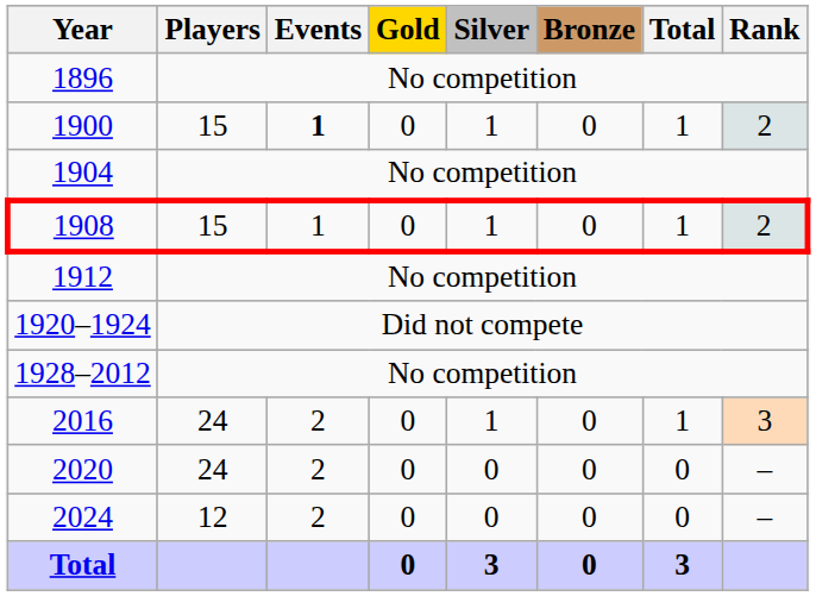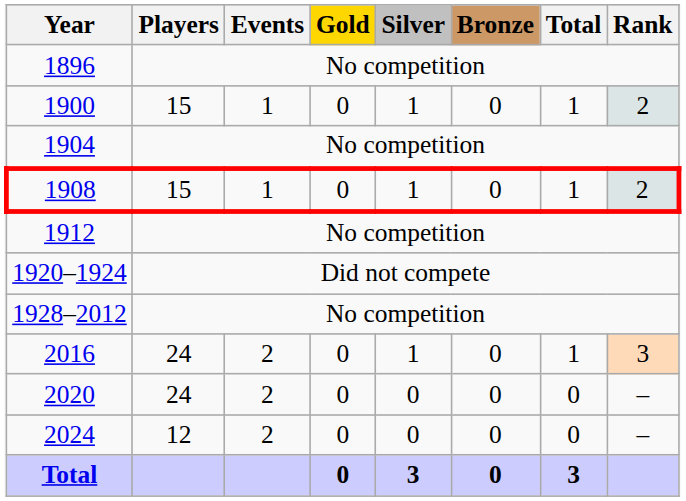 <table class="wikitable sortable collapsible collapsed">
 <tr>
 <th>Year</th>
 <th>Players</th>
 <th>Events</th>
 <th style="text-align:center; background-color:gold;"><strong>Gold</strong></th>
 <th style="text-align:center; background-color:silver;"><strong>Silver</strong></th>
 <th style="text-align:center; background-color:#c96;"><strong>Bronze</strong></th>
 <th>Total</th>
 <th>Rank</th>
 </tr>
 <tr style="text-align:center">
 <td><a href='#'>1896</a></td>
 <td colspan=7>No competition</td>
 </tr>
 <tr style="text-align:center">
 <td><a href='#'>1900</a></td>
 <td>15</td>
-<td><strong>1</strong></td>
+<td>1</td>
 <td>0</td>
 <td>1</td>
 <td>0</td>
 <td>1</td>
 <td style="background-color:#dce5e5">2</td>
 </tr>
 <tr style="text-align:center">
 <td><a href='#'>1904</a></td>
 <td colspan=7>No competition</td>
 </tr>
 <tr style="text-align:center;border: 3px solid red">
 <td><a href='#'>1908</a></td>
 <td>15</td>
 <td>1</td>
 <td>0</td>
 <td>1</td>
 <td>0</td>
 <td>1</td>
 <td style="background-color:#dce5e5">2</td>
 </tr>
 <tr style="text-align:center">
 <td><a href='#'>1912</a></td>
 <td colspan=7>No competition</td>
 </tr>
 <tr style="text-align:center">
 <td><a href='#'>1920</a>–<a href='#'>1924</a></td>
 <td colspan=7>Did not compete</td>
 </tr>
 <tr style="text-align:center">
 <td><a href='#'>1928</a>–<a href='#'>2012</a></td>
 <td colspan=7>No competition</td>
 </tr>
 <tr style="text-align:center">
 <td><a href='#'>2016</a></td>
 <td>24</td>
 <td>2</td>
 <td>0</td>
 <td>1</td>
 <td>0</td>
 <td>1</td>
 <td style="background-color:#ffdab9">3</td>
 </tr>
 <tr style="text-align:center">
 <td><a href='#'>2020</a></td>
 <td>24</td>
 <td>2</td>
 <td>0</td>
 <td>0</td>
 <td>0</td>
 <td>0</td>
 <td>–</td>
 </tr>
 <tr style="text-align:center">
 <td><a href='#'>2024</a></td>
 <td>12</td>
 <td>2</td>
 <td>0</td>
 <td>0</td>
 <td>0</td>
 <td>0</td>
 <td>–</td>
 </tr>
 <tr style="text-align:center; background-color:#ccf;">
 <td><strong><a href='#'>Total</a></strong></td>
 <td></td>
 <td></td>
 <td><strong>0</strong></td>
 <td><strong>3</strong></td>
 <td><strong>0</strong></td>
 <td><strong>3</strong></td>
 <td></td>
 </tr>
 </table>
